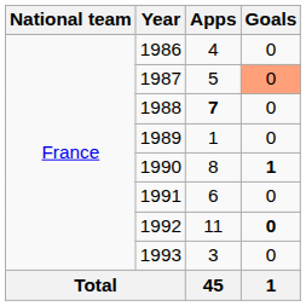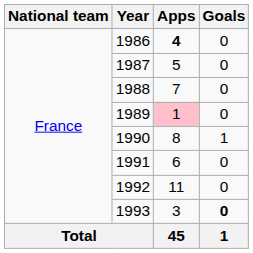 <table class="wikitable" style="text-align:center">
 <tr>
 <th>National team</th>
 <th>Year</th>
 <th>Apps</th>
 <th>Goals</th>
 </tr>
 <tr>
 <td rowspan="8"><a href='#'>France</a></td>
 <td>1986</td>
-<td>4</td>
+<td><strong>4</strong></td>
 <td>0</td>
 </tr>
 <tr>
 <td>1987</td>
 <td>5</td>
-<td style="background: lightsalmon;">0</td>
+<td>0</td>
 </tr>
 <tr>
 <td>1988</td>
-<td><strong>7</strong></td>
+<td>7</td>
 <td>0</td>
 </tr>
 <tr>
 <td>1989</td>
-<td>1</td>
+<td style="background: pink;">1</td>
 <td>0</td>
 </tr>
 <tr>
 <td>1990</td>
 <td>8</td>
-<td><strong>1</strong></td>
+<td>1</td>
 </tr>
 <tr>
 <td>1991</td>
 <td>6</td>
 <td>0</td>
 </tr>
 <tr>
 <td>1992</td>
 <td>11</td>
-<td><strong>0</strong></td>
+<td>0</td>
 </tr>
 <tr>
 <td>1993</td>
 <td>3</td>
-<td>0</td>
+<td><strong>0</strong></td>
 </tr>
 <tr>
 <th colspan="2">Total</th>
 <th>45</th>
 <th>1</th>
 </tr>
 </table>
